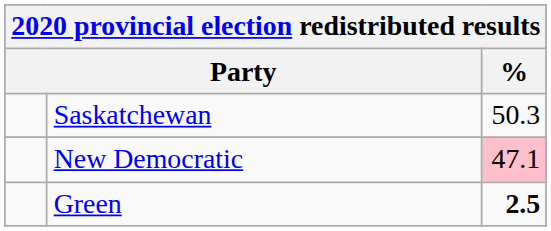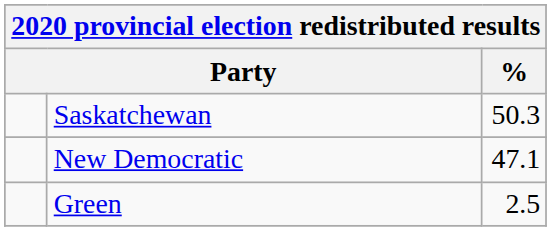 <table class="wikitable">
 <tr>
 <th colspan="4"><a href='#'>2020 provincial election</a> redistributed results</th>
 </tr>
 <tr>
 <th bgcolor="#DDDDFF" width="130px" colspan="2">Party</th>
 <th bgcolor="#DDDDFF" width="30px">%</th>
 </tr>
 <tr>
 <td> </td>
 <td><a href='#'>Saskatchewan</a></td>
 <td align=right>50.3</td>
 </tr>
 <tr>
 <td> </td>
 <td><a href='#'>New Democratic</a></td>
-<td align=right style="background: pink;">47.1</td>
+<td align=right>47.1</td>
 </tr>
 <tr>
 <td> </td>
 <td><a href='#'>Green</a></td>
-<td align=right><strong>2.5</strong></td>
+<td align=right>2.5</td>
 </tr>
 </table>
